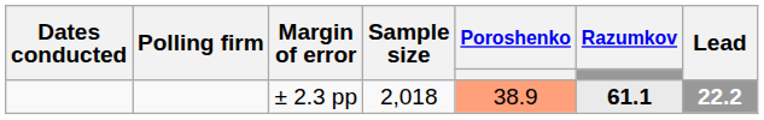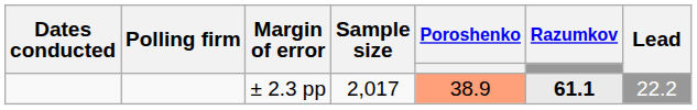 <table class="wikitable sortable mw-datatable mw-collapsible" style="text-align:center;font-size:90%;line-height:14px;">
 <tr style="height:40px;">
 <th rowspan="2">Dates<br>conducted</th>
 <th rowspan="2">Polling firm</th>
 <th rowspan="2">Margin<br>of error</th>
 <th rowspan="2">Sample<br>size</th>
 <th> <small><a href='#'>Poroshenko</a></small><br></th>
 <th><small><a href='#'>Razumkov</a></small><br></th>
 <th rowspan="2" style="width:40px;">Lead</th>
 </tr>
 <tr>
 <th data-sort-type="number" style="background:"></th>
 <th data-sort-type="number" style="background:#989898;"></th>
 </tr>
 <tr>
 <td></td>
 <td></td>
 <td>± 2.3 pp</td>
-<td>2,018</td>
+<td>2,017</td>
 <td style="background: lightsalmon;">38.9</td>
 <td style="background:#EAEAEA;"><strong>61.1</strong></td>
-<td style="background:#989898; color:white;"><strong>22.2</strong></td>
+<td style="background:#989898; color:white;">22.2</td>
 </tr>
 </table>
